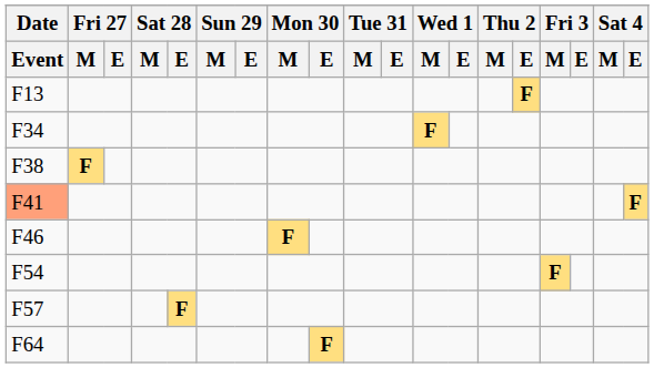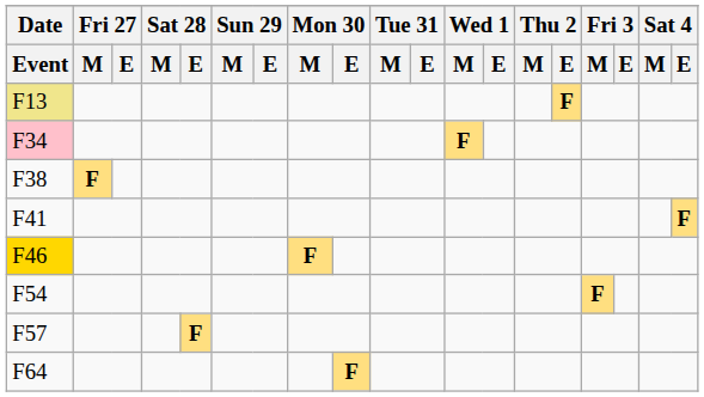 <table class="wikitable" style="margin:0.5em auto; font-size:90%; line-height:1.25em;">
 <tr align="center">
 </tr>
 <tr>
 <th>Date</th>
 <th colspan="2">Fri 27</th>
 <th colspan="2">Sat 28</th>
 <th colspan="2">Sun 29</th>
 <th colspan="2">Mon 30</th>
 <th colspan="2">Tue 31</th>
 <th colspan="2">Wed 1</th>
 <th colspan="2">Thu 2</th>
 <th colspan="2">Fri 3</th>
 <th colspan="2">Sat 4</th>
 </tr>
 <tr>
 <th>Event</th>
 <th>M</th>
 <th>E</th>
 <th>M</th>
 <th>E</th>
 <th>M</th>
 <th>E</th>
 <th>M</th>
 <th>E</th>
 <th>M</th>
 <th>E</th>
 <th>M</th>
 <th>E</th>
 <th>M</th>
 <th>E</th>
 <th>M</th>
 <th>E</th>
 <th>M</th>
 <th>E</th>
 </tr>
 <tr align="center">
-<td align="left">F13</td>
+<td align="left" style="background: khaki;">F13</td>
 <td colspan="2"></td>
 <td colspan="2"></td>
 <td colspan="2"></td>
 <td colspan="2"></td>
 <td colspan="2"></td>
 <td colspan="2"></td>
 <td></td>
 <td bgcolor="#FFDF80"><strong>F</strong></td>
 <td colspan="2"></td>
 <td colspan="2"></td>
 </tr>
 <tr align="center">
-<td align="left">F34</td>
+<td align="left" style="background: pink;">F34</td>
 <td colspan="2"></td>
 <td colspan="2"></td>
 <td colspan="2"></td>
 <td colspan="2"></td>
 <td colspan="2"></td>
 <td bgcolor="#FFDF80"><strong>F</strong></td>
 <td></td>
 <td colspan="2"></td>
 <td colspan="2"></td>
 <td colspan="2"></td>
 </tr>
 <tr align="center">
 <td align="left">F38</td>
 <td bgcolor="#FFDF80"><strong>F</strong></td>
 <td></td>
 <td colspan="2"></td>
 <td colspan="2"></td>
 <td colspan="2"></td>
 <td colspan="2"></td>
 <td colspan="2"></td>
 <td colspan="2"></td>
 <td colspan="2"></td>
 <td colspan="2"></td>
 </tr>
 <tr align="center">
-<td align="left" style="background: lightsalmon;">F41</td>
+<td align="left">F41</td>
 <td colspan="2"></td>
 <td colspan="2"></td>
 <td colspan="2"></td>
 <td colspan="2"></td>
 <td colspan="2"></td>
 <td colspan="2"></td>
 <td colspan="2"></td>
 <td colspan="2"></td>
 <td></td>
 <td bgcolor="#FFDF80"><strong>F</strong></td>
 </tr>
 <tr align="center">
-<td align="left">F46</td>
+<td align="left" style="background: gold;">F46</td>
 <td colspan="2"></td>
 <td colspan="2"></td>
 <td colspan="2"></td>
 <td bgcolor="#FFDF80"><strong>F</strong></td>
 <td></td>
 <td colspan="2"></td>
 <td colspan="2"></td>
 <td colspan="2"></td>
 <td colspan="2"></td>
 <td colspan="2"></td>
 </tr>
 <tr align="center">
 <td align="left">F54</td>
 <td colspan="2"></td>
 <td colspan="2"></td>
 <td colspan="2"></td>
 <td colspan="2"></td>
 <td colspan="2"></td>
 <td colspan="2"></td>
 <td colspan="2"></td>
 <td bgcolor="#FFDF80"><strong>F</strong></td>
 <td></td>
 <td colspan="2"></td>
 </tr>
 <tr align="center">
 <td align="left">F57</td>
 <td colspan="2"></td>
 <td></td>
 <td bgcolor="#FFDF80"><strong>F</strong></td>
 <td colspan="2"></td>
 <td colspan="2"></td>
 <td colspan="2"></td>
 <td colspan="2"></td>
 <td colspan="2"></td>
 <td colspan="2"></td>
 <td colspan="2"></td>
 </tr>
 <tr align="center">
 <td align="left">F64</td>
 <td colspan="2"></td>
 <td colspan="2"></td>
 <td colspan="2"></td>
 <td></td>
 <td bgcolor="#FFDF80"><strong>F</strong></td>
 <td colspan="2"></td>
 <td colspan="2"></td>
 <td colspan="2"></td>
 <td colspan="2"></td>
 <td colspan="2"></td>
 </tr>
 </table>
